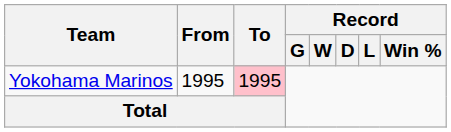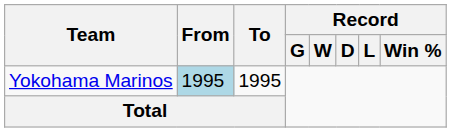 <table class="wikitable" style="text-align: center">
 <tr>
 <th rowspan="2">Team</th>
 <th rowspan="2">From</th>
 <th rowspan="2">To</th>
 <th colspan="5">Record</th>
 </tr>
 <tr>
 <th>G</th>
 <th>W</th>
 <th>D</th>
 <th>L</th>
 <th>Win %</th>
 </tr>
 <tr>
 <td align="left"><a href='#'>Yokohama Marinos</a></td>
-<td align="left">1995</td>
-<td align="left" style="background: pink;">1995<br></td>
+<td align="left" style="background: lightblue;">1995</td>
+<td align="left">1995<br></td>
 </tr>
 <tr>
 <th colspan="3">Total<br></th>
 </tr>
 </table>
